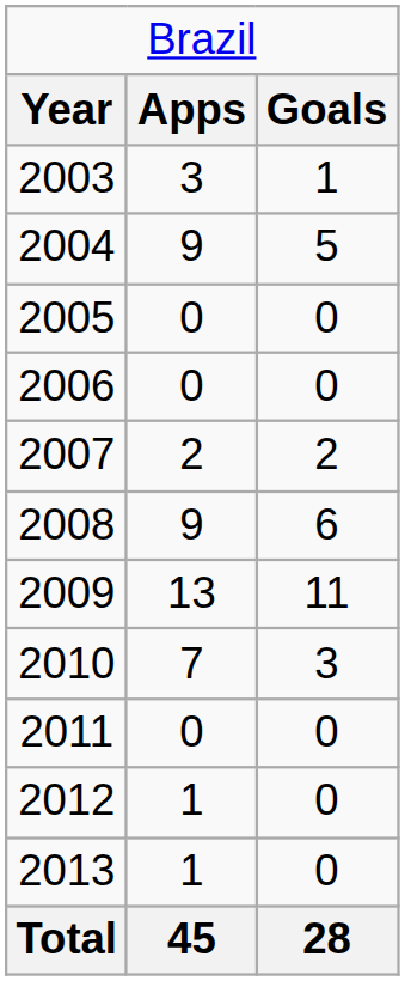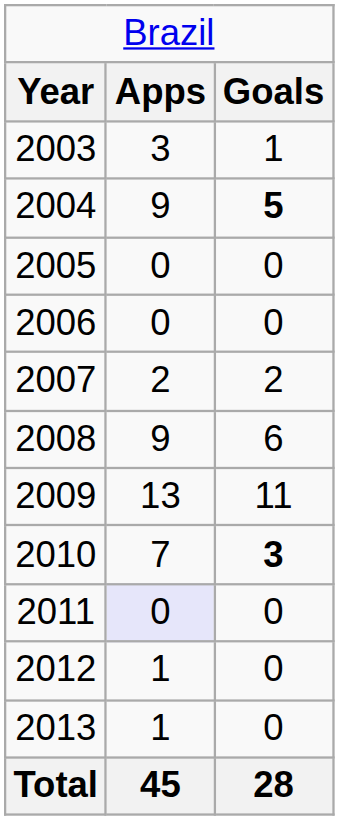 <table class="wikitable" style="text-align:center">
 <tr>
 <td colspan="3"><a href='#'>Brazil</a></td>
 </tr>
 <tr>
 <th>Year</th>
 <th width="40">Apps</th>
 <th width="40">Goals</th>
 </tr>
 <tr>
 <td>2003</td>
 <td>3</td>
 <td>1</td>
 </tr>
 <tr>
 <td>2004</td>
 <td>9</td>
-<td>5</td>
+<td><strong>5</strong></td>
 </tr>
 <tr>
 <td>2005</td>
 <td>0</td>
 <td>0</td>
 </tr>
 <tr>
 <td>2006</td>
 <td>0</td>
 <td>0</td>
 </tr>
 <tr>
 <td>2007</td>
 <td>2</td>
 <td>2</td>
 </tr>
 <tr>
 <td>2008</td>
 <td>9</td>
 <td>6</td>
 </tr>
 <tr>
 <td>2009</td>
 <td>13</td>
 <td>11</td>
 </tr>
 <tr>
 <td>2010</td>
 <td>7</td>
-<td>3</td>
+<td><strong>3</strong></td>
 </tr>
 <tr>
 <td>2011</td>
-<td>0</td>
+<td style="background: lavender;">0</td>
 <td>0</td>
 </tr>
 <tr>
 <td>2012</td>
 <td>1</td>
 <td>0</td>
 </tr>
 <tr>
 <td>2013</td>
 <td>1</td>
 <td>0</td>
 </tr>
 <tr>
 <th>Total</th>
 <th>45</th>
 <th>28</th>
 </tr>
 </table>
